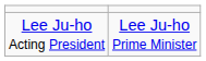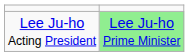 <table class="wikitable" style="text-align:left; float:right; margin-right:9px; margin-left:2px;">
 <tr>
 <td style="text-align:left;"></td>
 <td style="text-align:left;"></td>
 </tr>
 <tr>
 <td style="text-align:center;"><a href='#'>Lee Ju-ho</a><br><small>Acting <a href='#'>President</a></small></td>
-<td style="text-align:center;"><a href='#'>Lee Ju-ho</a><br><small><a href='#'>Prime Minister</a></small></td>
+<td style="background: lightgreen; text-align:center;"><a href='#'>Lee Ju-ho</a><br><small><a href='#'>Prime Minister</a></small></td>
 </tr>
 </table>
